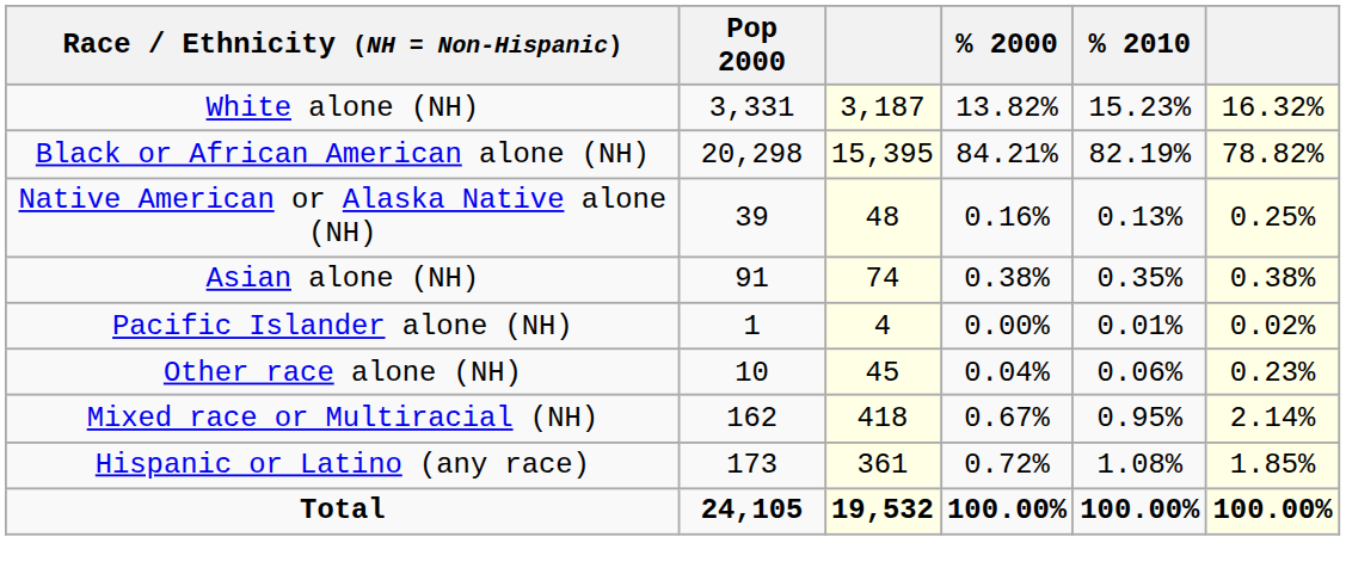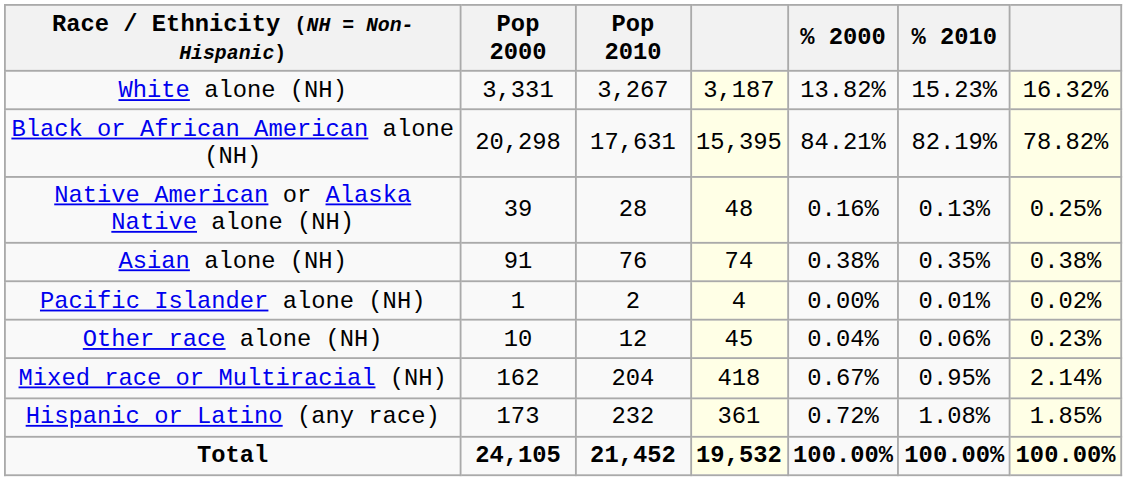 <table class="wikitable" style="text-align:center;">
 <tr>
 <th>Race / Ethnicity <small>(<em>NH = Non-Hispanic</em>)</small></th>
 <th>Pop 2000</th>
+<th>Pop 2010</th>
 <th></th>
 <th>% 2000</th>
 <th>% 2010</th>
 <th></th>
 </tr>
 <tr>
 <td><a href='#'>White</a> alone (NH)</td>
 <td>3,331</td>
+<td>3,267</td>
 <td style='background: #ffffe6;'>3,187</td>
 <td>13.82%</td>
 <td>15.23%</td>
 <td style='background: #ffffe6;'>16.32%</td>
 </tr>
 <tr>
 <td><a href='#'>Black or African American</a> alone (NH)</td>
 <td>20,298</td>
+<td>17,631</td>
 <td style='background: #ffffe6;'>15,395</td>
 <td>84.21%</td>
 <td>82.19%</td>
 <td style='background: #ffffe6;'>78.82%</td>
 </tr>
 <tr>
 <td><a href='#'>Native American</a> or <a href='#'>Alaska Native</a> alone (NH)</td>
 <td>39</td>
+<td>28</td>
 <td style='background: #ffffe6;'>48</td>
 <td>0.16%</td>
 <td>0.13%</td>
 <td style='background: #ffffe6;'>0.25%</td>
 </tr>
 <tr>
 <td><a href='#'>Asian</a> alone (NH)</td>
 <td>91</td>
+<td>76</td>
 <td style='background: #ffffe6;'>74</td>
 <td>0.38%</td>
 <td>0.35%</td>
 <td style='background: #ffffe6;'>0.38%</td>
 </tr>
 <tr>
 <td><a href='#'>Pacific Islander</a> alone (NH)</td>
 <td>1</td>
+<td>2</td>
 <td style='background: #ffffe6;'>4</td>
 <td>0.00%</td>
 <td>0.01%</td>
 <td style='background: #ffffe6;'>0.02%</td>
 </tr>
 <tr>
 <td><a href='#'>Other race</a> alone (NH)</td>
 <td>10</td>
+<td>12</td>
 <td style='background: #ffffe6;'>45</td>
 <td>0.04%</td>
 <td>0.06%</td>
 <td style='background: #ffffe6;'>0.23%</td>
 </tr>
 <tr>
 <td><a href='#'>Mixed race or Multiracial</a> (NH)</td>
 <td>162</td>
+<td>204</td>
 <td style='background: #ffffe6;'>418</td>
 <td>0.67%</td>
 <td>0.95%</td>
 <td style='background: #ffffe6;'>2.14%</td>
 </tr>
 <tr>
 <td><a href='#'>Hispanic or Latino</a> (any race)</td>
 <td>173</td>
+<td>232</td>
 <td style='background: #ffffe6;'>361</td>
 <td>0.72%</td>
 <td>1.08%</td>
 <td style='background: #ffffe6;'>1.85%</td>
 </tr>
 <tr>
 <td><strong>Total</strong></td>
 <td><strong>24,105</strong></td>
+<td><strong>21,452</strong></td>
 <td style='background: #ffffe6;'><strong>19,532</strong></td>
 <td><strong>100.00%</strong></td>
 <td><strong>100.00%</strong></td>
 <td style='background: #ffffe6;'><strong>100.00%</strong></td>
 </tr>
 </table>
